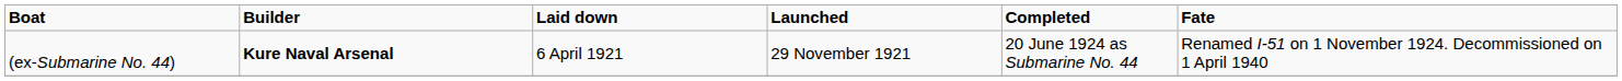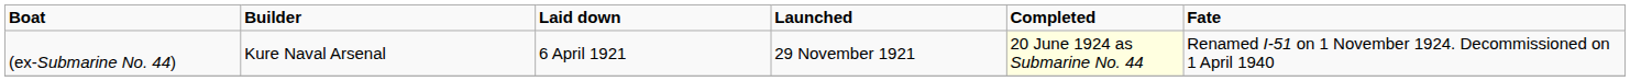 <table class="wikitable">
 <tr>
 <td width="8%"><strong>Boat</strong></td>
 <td width="10%"><strong>Builder</strong></td>
 <td width="8%"><strong>Laid down</strong></td>
 <td width="8%"><strong>Launched</strong></td>
 <td width="6%"><strong>Completed</strong></td>
 <td width="15%"><strong>Fate</strong></td>
 </tr>
 <tr>
 <td><br>(ex-<em>Submarine No. 44</em>)</td>
-<td><strong>Kure Naval Arsenal</strong></td>
+<td>Kure Naval Arsenal</td>
 <td>6 April 1921</td>
 <td>29 November 1921</td>
-<td>20 June 1924 as <em>Submarine No. 44</em></td>
+<td style="background: lightyellow;">20 June 1924 as <em>Submarine No. 44</em></td>
 <td>Renamed <em>I-51</em> on 1 November 1924. Decommissioned on 1 April 1940</td>
 </tr>
 <tr>
 </tr>
 </table>
